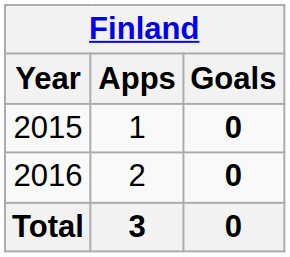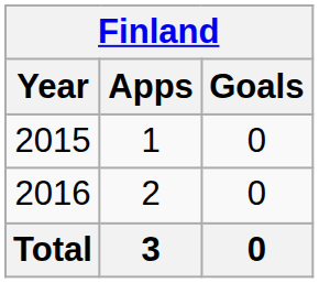 <table class=wikitable style=text-align:center>
 <tr>
 <th colspan=4><a href='#'>Finland</a></th>
 </tr>
 <tr>
 <th>Year</th>
 <th>Apps</th>
 <th>Goals</th>
 </tr>
 <tr>
 <td>2015</td>
 <td>1</td>
-<td><strong>0</strong></td>
+<td>0</td>
 </tr>
 <tr>
 <td>2016</td>
 <td>2</td>
-<td><strong>0</strong></td>
+<td>0</td>
 </tr>
 <tr>
 <th colspan=1>Total</th>
 <th>3</th>
 <th>0</th>
 </tr>
 </table>
